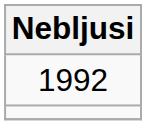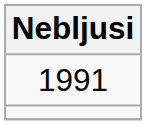 <table class="wikitable" style="margin: 0.5em auto; text-align: center;">
 <tr>
 <th colspan="1">Nebljusi</th>
 </tr>
 <tr>
-<td>1992</td>
+<td>1991</td>
 </tr>
 <tr>
 <td></td>
 </tr>
 <tr>
 </tr>
 </table>
